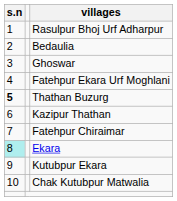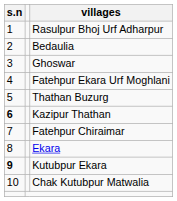 <table class="wikitable">
 <tr>
 <th>s.n</th>
 <td></td>
 <th>villages</th>
 </tr>
 <tr>
 <td>1</td>
 <td></td>
 <td>Rasulpur Bhoj Urf Adharpur</td>
 </tr>
 <tr>
 <td>2</td>
 <td></td>
 <td>Bedaulia</td>
 </tr>
 <tr>
 <td>3</td>
 <td></td>
 <td>Ghoswar</td>
 </tr>
 <tr>
 <td>4</td>
 <td></td>
 <td>Fatehpur Ekara Urf Moghlani</td>
 </tr>
 <tr>
-<td><strong>5</strong></td>
+<td>5</td>
 <td></td>
 <td>Thathan Buzurg</td>
 </tr>
 <tr>
-<td>6</td>
+<td><strong>6</strong></td>
 <td></td>
 <td>Kazipur Thathan</td>
 </tr>
 <tr>
 <td>7</td>
 <td></td>
 <td>Fatehpur Chiraimar</td>
 </tr>
 <tr>
-<td style="background: paleturquoise;">8</td>
+<td>8</td>
 <td></td>
 <td><a href='#'>Ekara</a></td>
 </tr>
 <tr>
-<td>9</td>
+<td><strong>9</strong></td>
 <td></td>
 <td>Kutubpur Ekara</td>
 </tr>
 <tr>
 <td>10</td>
 <td></td>
 <td>Chak Kutubpur Matwalia</td>
 </tr>
 <tr>
 <td></td>
 </tr>
 </table>
